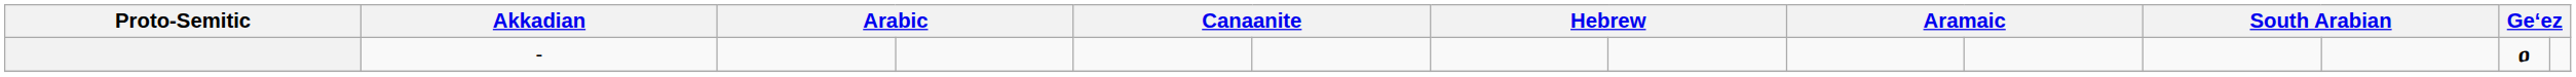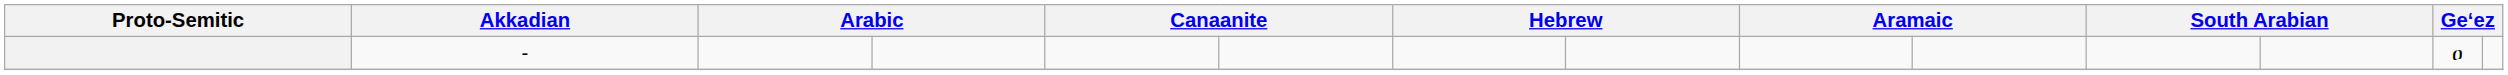 <table class="wikitable" style="text-align:center;">
 <tr>
 <th width="14%">Proto-Semitic</th>
 <th width="14%"><a href='#'>Akkadian</a></th>
 <th width="14%" colspan="2"><a href='#'>Arabic</a></th>
 <th width="14%" colspan="2"><a href='#'>Canaanite</a></th>
 <th width="14%" colspan="2"><a href='#'>Hebrew</a></th>
 <th width="14%" colspan="2"><a href='#'>Aramaic</a></th>
 <th width="14%" colspan="2"><a href='#'>South Arabian</a></th>
 <th width="14%" colspan="2"><a href='#'>Geʻez</a></th>
 </tr>
 <tr>
 <th></th>
 <td>-</td>
 <td><span></span></td>
 <td></td>
 <td></td>
 <td></td>
 <td><span></span></td>
 <td></td>
 <td><span></span></td>
 <td></td>
 <td></td>
 <td></td>
-<td><strong><span>ዐ</span></strong></td>
+<td><span>ዐ</span></td>
 <td></td>
 </tr>
 <tr>
 </tr>
 </table>
